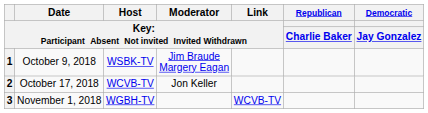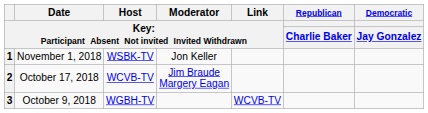 <table class="wikitable" style="text-align:center;">
 <tr>
 <th scope="col"></th>
 <th scope="col">Date</th>
 <th scope="col">Host</th>
 <th scope="col">Moderator</th>
 <th scope="col">Link</th>
 <th scope="col"><small><a href='#'>Republican</a></small></th>
 <th scope="col"><small><a href='#'>Democratic</a></small></th>
 </tr>
 <tr>
 <th colspan="5" rowspan="2">Key:<br> <small>Participant </small>  <small>Absent </small>  <small>Not invited </small>  <small>Invited  Withdrawn</small></th>
 <th scope="col" style="background:"></th>
 <th scope="col" style="background:"></th>
 </tr>
 <tr>
 <th scope="col"><a href='#'>Charlie Baker</a></th>
 <th scope="col"><a href='#'>Jay Gonzalez</a></th>
 </tr>
 <tr>
 <th>1</th>
-<td style="white-space:nowrap;">October 9, 2018</td>
+<td style="white-space:nowrap;">November 1, 2018</td>
 <td style="white-space:nowrap;"><a href='#'>WSBK-TV</a></td>
-<td style="white-space:nowrap;"><a href='#'>Jim Braude</a><br><a href='#'>Margery Eagan</a></td>
+<td style="white-space:nowrap;">Jon Keller</td>
 <td style="white-space:nowrap;"></td>
 <td></td>
 <td></td>
 </tr>
 <tr>
 <th>2</th>
 <td style="white-space:nowrap;">October 17, 2018</td>
 <td style="white-space:nowrap;"><a href='#'>WCVB-TV</a></td>
-<td style="white-space:nowrap;">Jon Keller</td>
+<td style="white-space:nowrap;"><a href='#'>Jim Braude</a><br><a href='#'>Margery Eagan</a></td>
 <td style="white-space:nowrap;"></td>
 <td></td>
 <td></td>
 </tr>
 <tr>
 <th>3</th>
-<td style="white-space:nowrap;">November 1, 2018</td>
+<td style="white-space:nowrap;">October 9, 2018</td>
 <td style="white-space:nowrap;"><a href='#'>WGBH-TV</a></td>
 <td style="white-space:nowrap;"></td>
 <td style="white-space:nowrap;"><a href='#'>WCVB-TV</a></td>
 <td></td>
 <td></td>
 </tr>
 </table>
